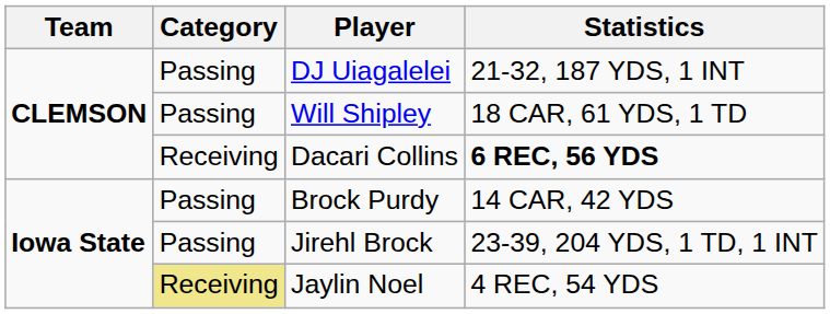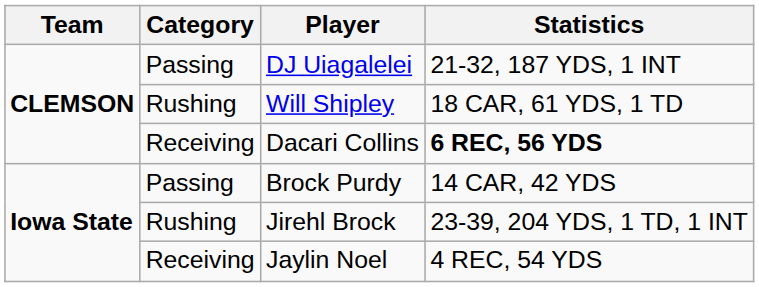 <table class="wikitable" style="float: right;">
 <tr>
 <th>Team</th>
 <th>Category</th>
 <th>Player</th>
 <th>Statistics</th>
 </tr>
 <tr>
 <td rowspan=3><strong>CLEMSON</strong></td>
 <td>Passing</td>
 <td><a href='#'>DJ Uiagalelei</a></td>
 <td>21-32, 187 YDS, 1 INT</td>
 </tr>
 <tr>
-<td>Passing</td>
+<td>Rushing</td>
 <td><a href='#'>Will Shipley</a></td>
 <td>18 CAR, 61 YDS, 1 TD</td>
 </tr>
 <tr>
 <td>Receiving</td>
 <td>Dacari Collins</td>
 <td><strong>6 REC, 56 YDS</strong></td>
 </tr>
 <tr>
 <td rowspan=3><strong>Iowa State</strong></td>
 <td>Passing</td>
 <td>Brock Purdy</td>
 <td>14 CAR, 42 YDS</td>
 </tr>
 <tr>
-<td>Passing</td>
+<td>Rushing</td>
 <td>Jirehl Brock</td>
 <td>23-39, 204 YDS, 1 TD, 1 INT</td>
 </tr>
 <tr>
-<td style="background: khaki;">Receiving</td>
+<td>Receiving</td>
 <td>Jaylin Noel</td>
 <td>4 REC, 54 YDS</td>
 </tr>
 </table>
